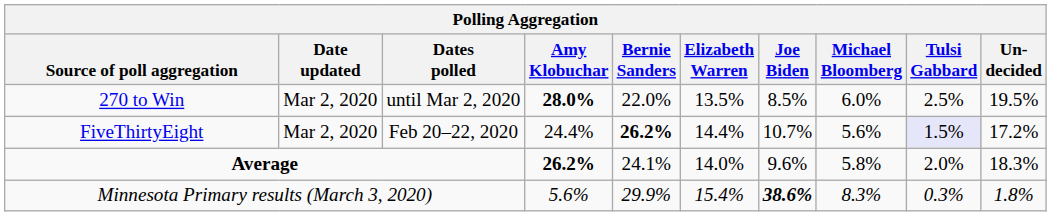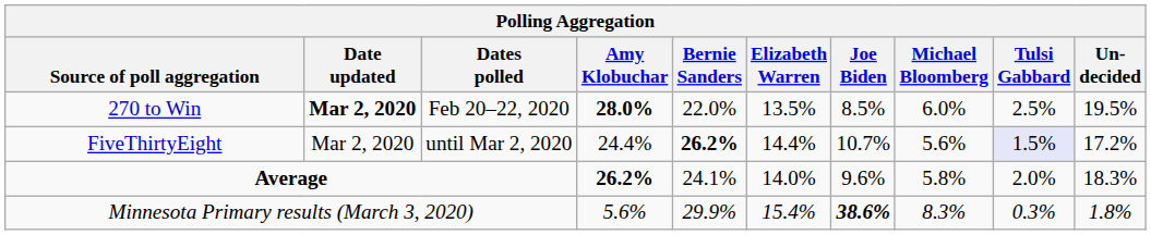 <table class="wikitable" style="font-size:90%;text-align:center;">
 <tr style="vertical-align:bottom; font-size:90%;">
 <th colspan= 13>Polling Aggregation</th>
 </tr>
 <tr style="vertical-align:bottom; font-size:90%;">
 <th style="width:200px;">Source of poll aggregation</th>
 <th>Date<br>updated</th>
 <th>Dates<br>polled</th>
 <th><a href='#'>Amy<br>Klobuchar</a></th>
 <th><a href='#'>Bernie<br>Sanders</a></th>
 <th><a href='#'>Elizabeth<br>Warren</a></th>
 <th><a href='#'>Joe<br>Biden</a></th>
 <th><a href='#'>Michael<br>Bloomberg</a></th>
 <th><a href='#'>Tulsi<br>Gabbard</a></th>
 <th>Un-<br>decided</th>
 </tr>
 <tr>
 <td><a href='#'>270 to Win</a></td>
-<td>Mar 2, 2020</td>
-<td>until Mar 2, 2020</td>
+<td><strong>Mar 2, 2020</strong></td>
+<td>Feb 20–22, 2020</td>
 <td><strong>28.0%</strong></td>
 <td>22.0%</td>
 <td>13.5%</td>
 <td>8.5%</td>
 <td>6.0%</td>
 <td>2.5%</td>
 <td>19.5%</td>
 </tr>
 <tr>
 <td><a href='#'>FiveThirtyEight</a></td>
 <td>Mar 2, 2020</td>
-<td>Feb 20–22, 2020</td>
+<td>until Mar 2, 2020</td>
 <td>24.4%</td>
 <td><strong>26.2%</strong></td>
 <td>14.4%</td>
 <td>10.7%</td>
 <td>5.6%</td>
 <td style="background: lavender;">1.5%</td>
 <td>17.2%</td>
 </tr>
 <tr>
 <td colspan=3><strong>Average</strong></td>
 <td><strong>26.2%</strong></td>
 <td>24.1%</td>
 <td>14.0%</td>
 <td>9.6%</td>
 <td>5.8%</td>
 <td>2.0%</td>
 <td>18.3%</td>
 </tr>
 <tr>
 <td colspan=3><em>Minnesota Primary results (March 3, 2020)</em></td>
 <td><em>5.6%</em></td>
 <td><em>29.9%</em></td>
 <td><em>15.4%</em></td>
 <td><strong><em>38.6%</em></strong></td>
 <td><em>8.3%</em></td>
 <td><em>0.3%</em></td>
 <td><em>1.8%</em></td>
 </tr>
 </table>
